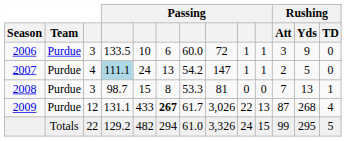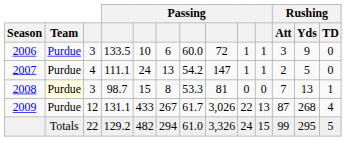 <table class="wikitable" style="text-align:center">
 <tr>
 <th colspan=3 style="background:#fff; border-color:#fff #aaa #aaa #fff"></th>
 <th colspan=7>Passing</th>
 <th colspan=3>Rushing</th>
 </tr>
 <tr>
 <th>Season</th>
 <th>Team</th>
 <th></th>
 <th></th>
 <th></th>
 <th></th>
 <th></th>
 <th></th>
 <th></th>
 <th></th>
 <th>Att</th>
 <th>Yds</th>
 <th>TD</th>
 </tr>
 <tr>
 <td><a href='#'>2006</a></td>
 <td><a href='#'>Purdue</a></td>
 <td>3</td>
 <td>133.5</td>
 <td>10</td>
 <td>6</td>
 <td>60.0</td>
 <td>72</td>
 <td>1</td>
 <td>1</td>
 <td>3</td>
 <td>9</td>
 <td>0</td>
 </tr>
 <tr>
 <td><a href='#'>2007</a></td>
 <td>Purdue</td>
 <td>4</td>
-<td style="background: lightblue;">111.1</td>
+<td>111.1</td>
 <td>24</td>
 <td>13</td>
 <td>54.2</td>
 <td>147</td>
 <td>1</td>
 <td>1</td>
 <td>2</td>
 <td>5</td>
 <td>0</td>
 </tr>
 <tr>
 <td><a href='#'>2008</a></td>
-<td>Purdue</td>
+<td style="background: lightyellow;">Purdue</td>
 <td>3</td>
 <td>98.7</td>
 <td>15</td>
 <td>8</td>
 <td>53.3</td>
 <td>81</td>
 <td>0</td>
 <td>0</td>
 <td>7</td>
 <td>13</td>
 <td>1</td>
 </tr>
 <tr>
 <td><a href='#'>2009</a></td>
 <td>Purdue</td>
 <td>12</td>
 <td>131.1</td>
 <td>433</td>
-<td><strong>267</strong></td>
+<td>267</td>
 <td>61.7</td>
 <td>3,026</td>
 <td>22</td>
 <td>13</td>
 <td>87</td>
 <td>268</td>
 <td>4</td>
 </tr>
 <tr style="background:#f0f0f0;">
 <td></td>
 <td>Totals</td>
 <td>22</td>
 <td>129.2</td>
 <td>482</td>
 <td>294</td>
 <td>61.0</td>
 <td>3,326</td>
 <td>24</td>
 <td>15</td>
 <td>99</td>
 <td>295</td>
 <td>5</td>
 </tr>
 </table>
